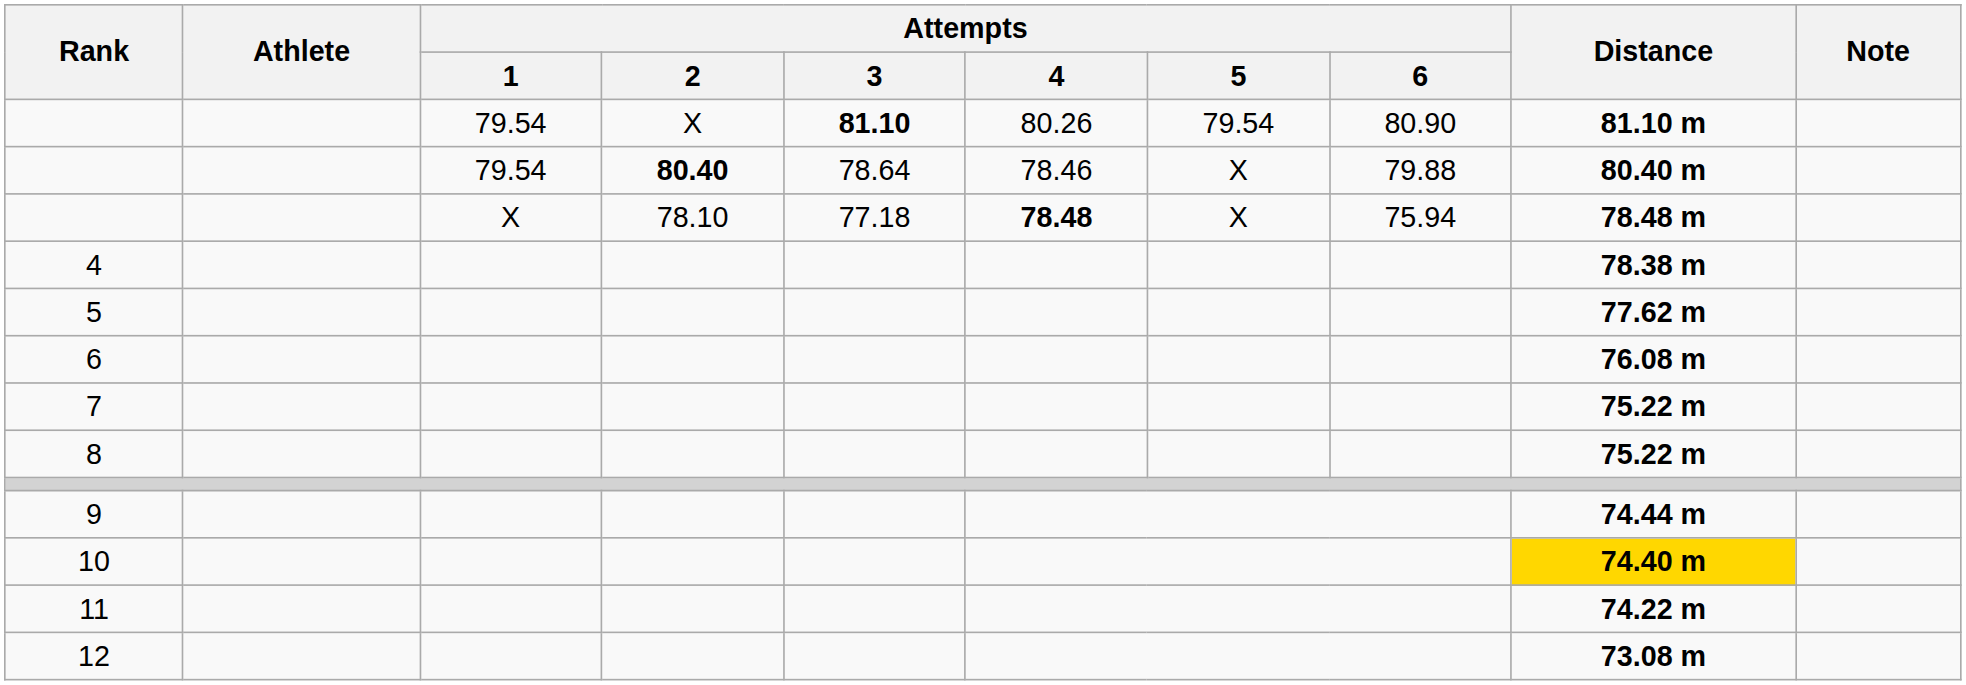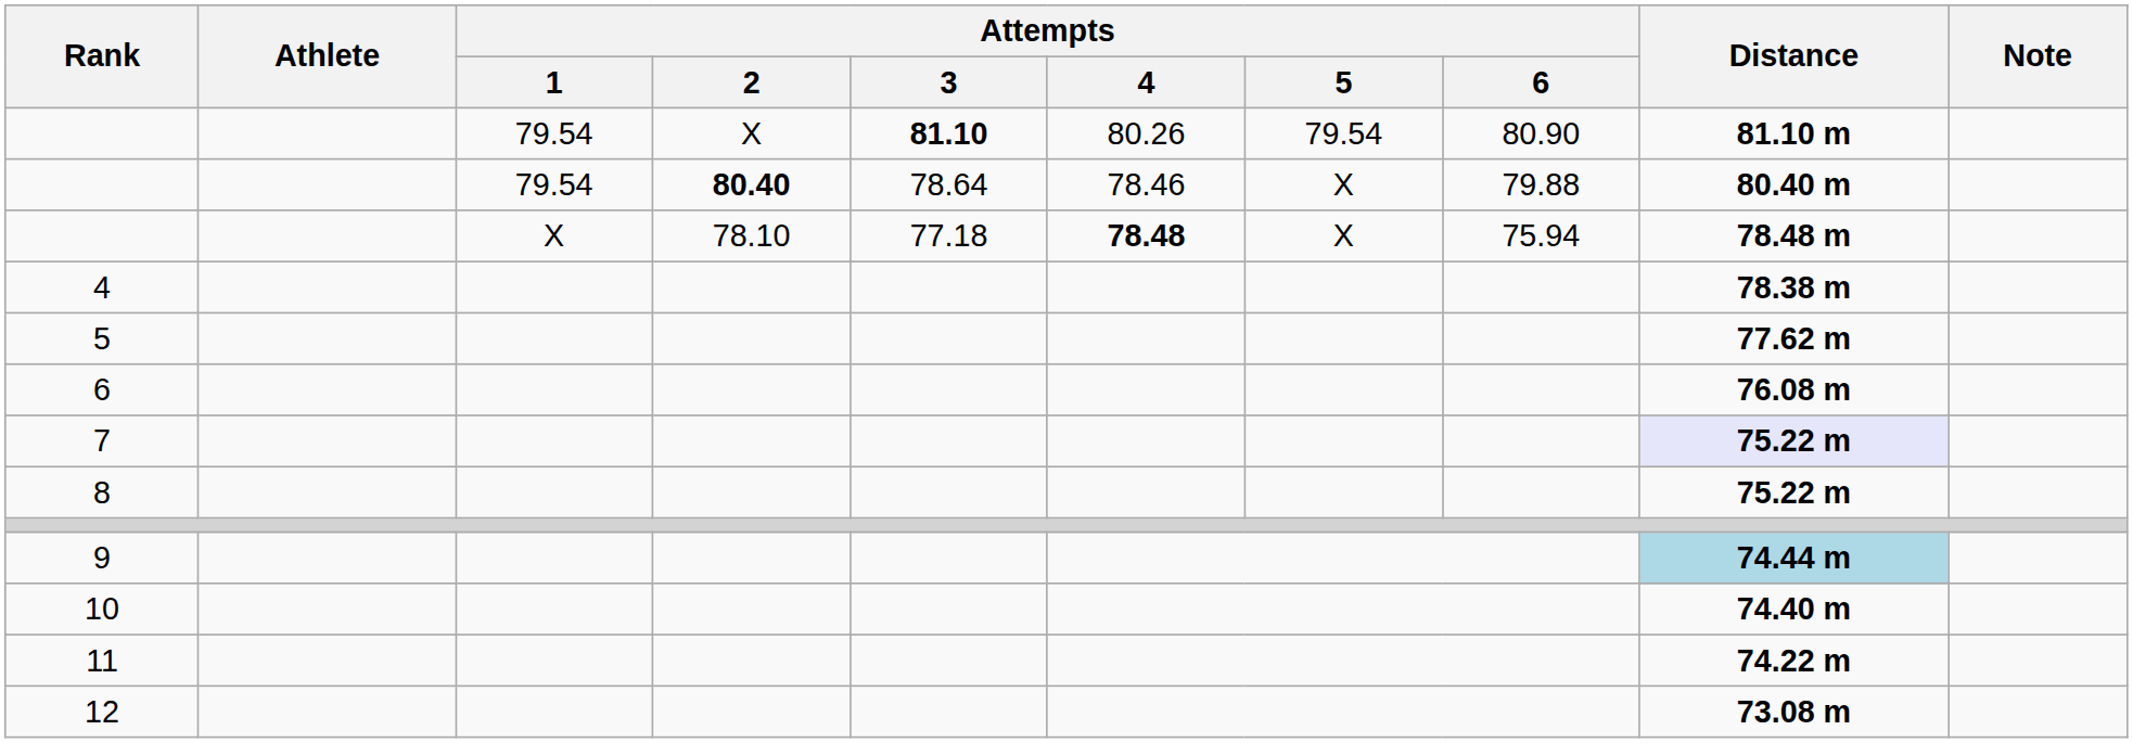 <table class="wikitable" style=" text-align:center; font-size:110%;" width="95%">
 <tr>
 <th rowspan="2">Rank</th>
 <th rowspan="2">Athlete</th>
 <th colspan="6">Attempts</th>
 <th rowspan="2">Distance</th>
 <th rowspan="2">Note</th>
 </tr>
 <tr>
 <th>1</th>
 <th>2</th>
 <th>3</th>
 <th>4</th>
 <th>5</th>
 <th>6</th>
 </tr>
 <tr>
 <td></td>
 <td align=left></td>
 <td>79.54</td>
 <td>X</td>
 <td><strong>81.10</strong></td>
 <td>80.26</td>
 <td>79.54</td>
 <td>80.90</td>
 <td><strong>81.10 m</strong></td>
 <td></td>
 </tr>
 <tr>
 <td></td>
 <td align=left></td>
 <td>79.54</td>
 <td><strong>80.40</strong></td>
 <td>78.64</td>
 <td>78.46</td>
 <td>X</td>
 <td>79.88</td>
 <td><strong>80.40 m</strong></td>
 <td></td>
 </tr>
 <tr>
 <td></td>
 <td align=left></td>
 <td>X</td>
 <td>78.10</td>
 <td>77.18</td>
 <td><strong>78.48</strong></td>
 <td>X</td>
 <td>75.94</td>
 <td><strong>78.48 m</strong></td>
 <td></td>
 </tr>
 <tr>
 <td>4</td>
 <td align=left></td>
 <td></td>
 <td></td>
 <td></td>
 <td></td>
 <td></td>
 <td></td>
 <td><strong>78.38 m</strong></td>
 <td></td>
 </tr>
 <tr>
 <td>5</td>
 <td align=left></td>
 <td></td>
 <td></td>
 <td></td>
 <td></td>
 <td></td>
 <td></td>
 <td><strong>77.62 m</strong></td>
 <td></td>
 </tr>
 <tr>
 <td>6</td>
 <td align=left></td>
 <td></td>
 <td></td>
 <td></td>
 <td></td>
 <td></td>
 <td></td>
 <td><strong>76.08 m</strong></td>
 <td></td>
 </tr>
 <tr>
 <td>7</td>
 <td align=left></td>
 <td></td>
 <td></td>
 <td></td>
 <td></td>
 <td></td>
 <td></td>
-<td><strong>75.22 m</strong></td>
+<td style="background: lavender;"><strong>75.22 m</strong></td>
 <td></td>
 </tr>
 <tr>
 <td>8</td>
 <td align=left></td>
 <td></td>
 <td></td>
 <td></td>
 <td></td>
 <td></td>
 <td></td>
 <td><strong>75.22 m</strong></td>
 <td></td>
 </tr>
 <tr>
 <td colspan=10 bgcolor=lightgray></td>
 </tr>
 <tr>
 <td>9</td>
 <td align=left></td>
 <td></td>
 <td></td>
 <td></td>
 <td colspan=3></td>
-<td><strong>74.44 m</strong></td>
+<td style="background: lightblue;"><strong>74.44 m</strong></td>
 <td></td>
 </tr>
 <tr>
 <td>10</td>
 <td align=left></td>
 <td></td>
 <td></td>
 <td></td>
 <td colspan=3></td>
-<td style="background: gold;"><strong>74.40 m</strong></td>
+<td><strong>74.40 m</strong></td>
 <td></td>
 </tr>
 <tr>
 <td>11</td>
 <td align=left></td>
 <td></td>
 <td></td>
 <td></td>
 <td colspan=3></td>
 <td><strong>74.22 m</strong></td>
 <td></td>
 </tr>
 <tr>
 <td>12</td>
 <td align=left></td>
 <td></td>
 <td></td>
 <td></td>
 <td colspan=3></td>
 <td><strong>73.08 m</strong></td>
 <td></td>
 </tr>
 </table>
